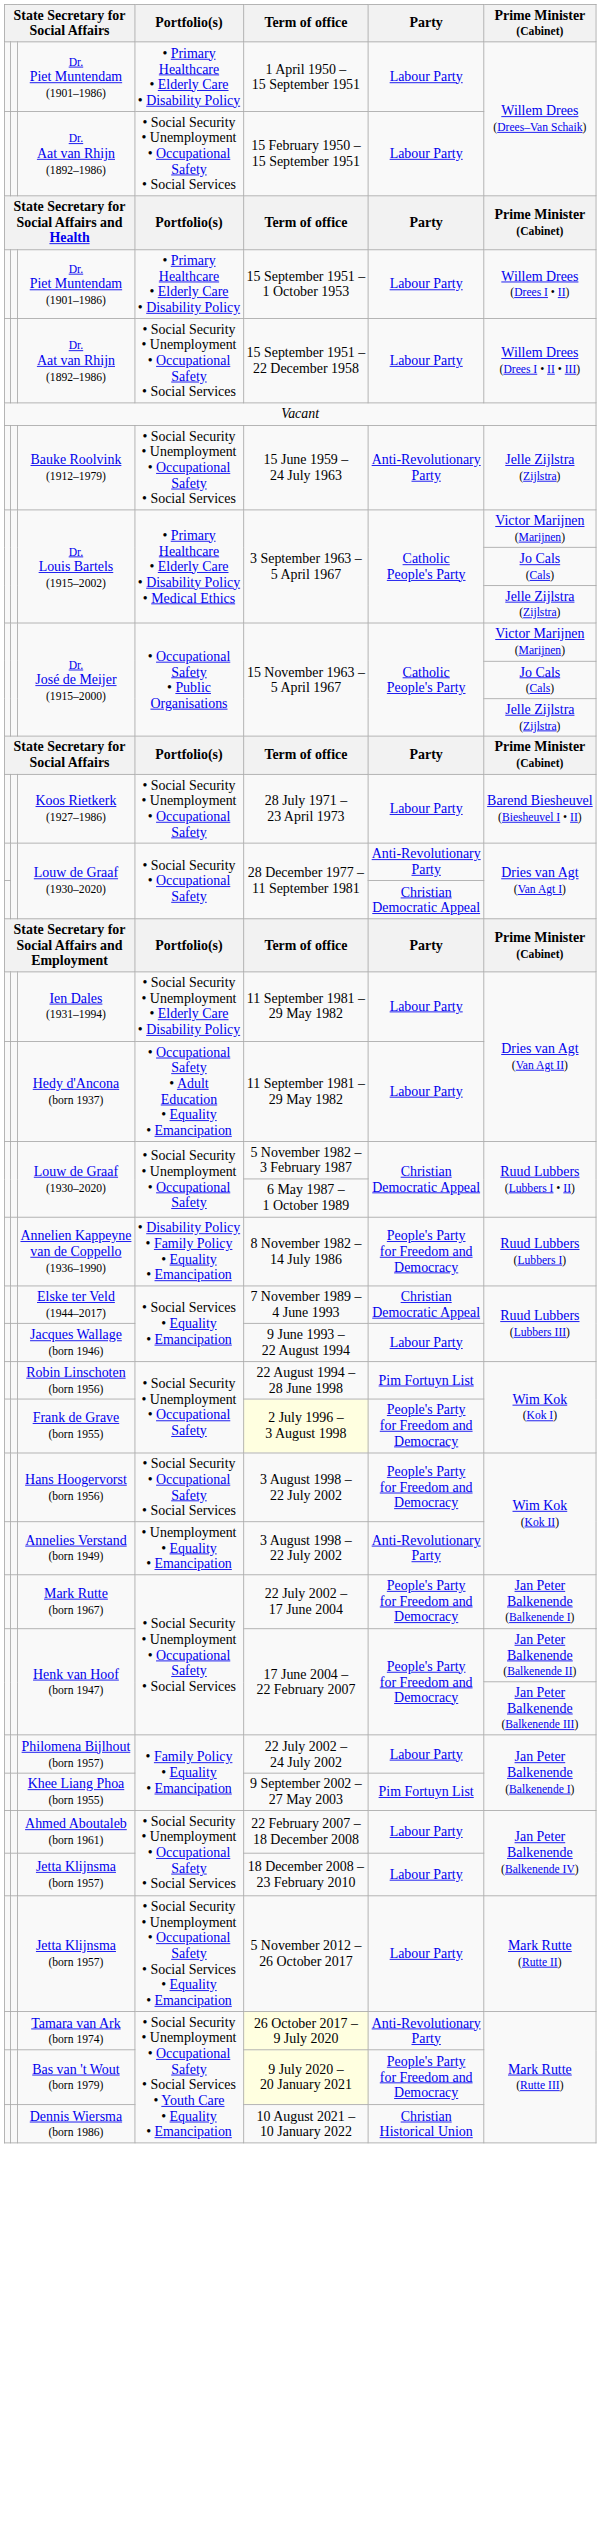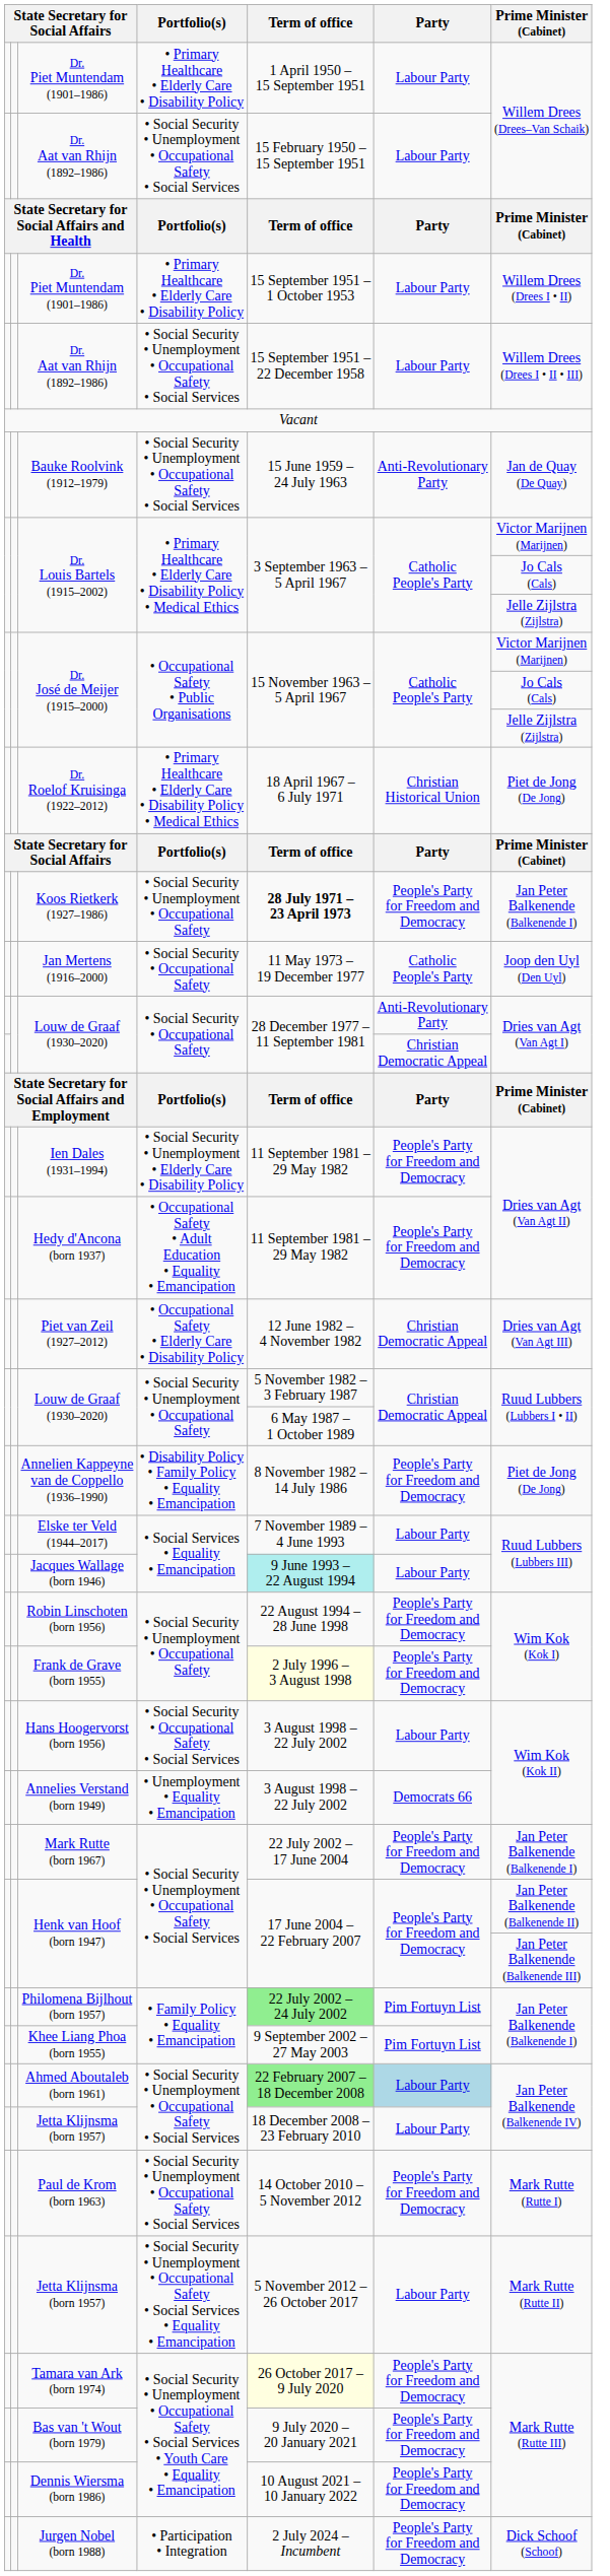 <table class="wikitable" style="text-align:center">
 <tr>
 <th colspan=3>State Secretary for <br> Social Affairs</th>
 <th>Portfolio(s)</th>
 <th>Term of office</th>
 <th>Party</th>
 <th>Prime Minister <br> <small>(Cabinet)</small></th>
 </tr>
 <tr>
 <td style="background:"></td>
 <td></td>
 <td><small><a href='#'>Dr.</a></small> <br> <a href='#'>Piet Muntendam</a> <br> <small>(1901–1986)</small></td>
 <td>• <a href='#'>Primary <br> Healthcare</a> <br> • <a href='#'>Elderly Care</a> <br> • <a href='#'>Disability Policy</a></td>
 <td>1 April 1950 – <br> 15 September 1951</td>
 <td><a href='#'>Labour Party</a></td>
 <td rowspan=2><a href='#'>Willem Drees</a> <br> <small>(<a href='#'>Drees–Van Schaik</a>)</small> <br></td>
 </tr>
 <tr>
 <td style="background:"></td>
 <td></td>
 <td><small><a href='#'>Dr.</a></small> <br> <a href='#'>Aat van Rhijn</a> <br> <small>(1892–1986)</small></td>
 <td>• Social Security <br> • Unemployment <br> • <a href='#'>Occupational <br> Safety</a> <br> • Social Services</td>
 <td>15 February 1950 – <br> 15 September 1951</td>
 <td><a href='#'>Labour Party</a></td>
 </tr>
 <tr>
 <th colspan=3>State Secretary for <br> Social Affairs and <br> <a href='#'>Health</a></th>
 <th>Portfolio(s)</th>
 <th>Term of office</th>
 <th>Party</th>
 <th>Prime Minister <br> <small>(Cabinet)</small></th>
 </tr>
 <tr>
 <td style="background:"></td>
 <td></td>
 <td><small><a href='#'>Dr.</a></small> <br> <a href='#'>Piet Muntendam</a> <br> <small>(1901–1986)</small></td>
 <td>• <a href='#'>Primary <br> Healthcare</a> <br> • <a href='#'>Elderly Care</a> <br> • <a href='#'>Disability Policy</a></td>
 <td>15 September 1951 – <br> 1 October 1953 <br> </td>
 <td><a href='#'>Labour Party</a></td>
 <td><a href='#'>Willem Drees</a> <br> <small>(<a href='#'>Drees I</a> • <a href='#'>II</a>) <br></small></td>
 </tr>
 <tr>
 <td style="background:"></td>
 <td></td>
 <td><small><a href='#'>Dr.</a></small> <br> <a href='#'>Aat van Rhijn</a> <br> <small>(1892–1986)</small></td>
 <td>• Social Security <br> • Unemployment <br> • <a href='#'>Occupational <br> Safety</a> <br> • Social Services</td>
 <td>15 September 1951 – <br> 22 December 1958</td>
 <td><a href='#'>Labour Party</a></td>
 <td><a href='#'>Willem Drees</a> <br> <small>(<a href='#'>Drees I</a> • <a href='#'>II</a> • <a href='#'>III</a>)</small> <br></td>
 </tr>
 <tr>
 <td colspan=7><em>Vacant</em></td>
 </tr>
 <tr>
 <td style="background:"></td>
 <td></td>
 <td><a href='#'>Bauke Roolvink</a> <br> <small>(1912–1979)</small></td>
 <td>• Social Security <br> • Unemployment <br> • <a href='#'>Occupational <br> Safety</a> <br> • Social Services</td>
 <td>15 June 1959 – <br> 24 July 1963</td>
 <td><a href='#'>Anti-Revolutionary <br> Party</a></td>
-<td><a href='#'>Jelle Zijlstra</a> <br> <small>(<a href='#'>Zijlstra</a>)</small> <br></td>
+<td><a href='#'>Jan de Quay</a> <br> <small>(<a href='#'>De Quay</a>)</small> <br></td>
 </tr>
 <tr>
 <td rowspan=3 style="background:"></td>
 <td rowspan=3></td>
 <td rowspan=3><small><a href='#'>Dr.</a></small> <br> <a href='#'>Louis Bartels</a> <br> <small>(1915–2002)</small></td>
 <td rowspan=3>• <a href='#'>Primary <br> Healthcare</a> <br> • <a href='#'>Elderly Care</a> <br> • <a href='#'>Disability Policy</a> <br> • <a href='#'>Medical Ethics</a></td>
 <td rowspan=3>3 September 1963 – <br> 5 April 1967</td>
 <td rowspan=3><a href='#'>Catholic <br> People's Party</a></td>
 <td><a href='#'>Victor Marijnen</a> <br> <small>(<a href='#'>Marijnen</a>)</small> <br></td>
 </tr>
 <tr>
 <td><a href='#'>Jo Cals</a> <br> <small>(<a href='#'>Cals</a>)</small> <br></td>
 </tr>
 <tr>
 <td><a href='#'>Jelle Zijlstra</a> <br> <small>(<a href='#'>Zijlstra</a>)</small> <br></td>
 </tr>
 <tr>
 <td rowspan=3 style="background:"></td>
 <td rowspan=3></td>
 <td rowspan=3><small><a href='#'>Dr.</a></small> <br> <a href='#'>José de Meijer</a> <br> <small>(1915–2000)</small></td>
 <td rowspan=3>• <a href='#'>Occupational <br> Safety</a> <br> • <a href='#'>Public <br> Organisations</a></td>
 <td rowspan=3>15 November 1963 – <br> 5 April 1967</td>
 <td rowspan=3><a href='#'>Catholic <br> People's Party</a></td>
 <td><a href='#'>Victor Marijnen</a> <br> <small>(<a href='#'>Marijnen</a>)</small> <br></td>
 </tr>
 <tr>
 <td><a href='#'>Jo Cals</a> <br> <small>(<a href='#'>Cals</a>)</small> <br></td>
 </tr>
 <tr>
 <td><a href='#'>Jelle Zijlstra</a> <br> <small>(<a href='#'>Zijlstra</a>)</small> <br></td>
 </tr>
 <tr>
+<td style="background:"></td>
+<td></td>
+<td><small><a href='#'>Dr.</a></small> <br> <a href='#'>Roelof Kruisinga</a> <br> <small>(1922–2012)</small></td>
+<td>• <a href='#'>Primary <br> Healthcare</a> <br> • <a href='#'>Elderly Care</a> <br> • <a href='#'>Disability Policy</a> <br> • <a href='#'>Medical Ethics</a></td>
+<td>18 April 1967 – <br> 6 July 1971</td>
+<td><a href='#'>Christian <br> Historical Union</a></td>
+<td><a href='#'>Piet de Jong</a> <br> <small>(<a href='#'>De Jong</a>)</small> <br></td>
+</tr>
+<tr>
 <th colspan=3>State Secretary for <br> Social Affairs</th>
 <th>Portfolio(s)</th>
 <th>Term of office</th>
 <th>Party</th>
 <th>Prime Minister <br> <small>(Cabinet)</small></th>
 </tr>
 <tr>
 <td style="background:"></td>
 <td></td>
 <td><a href='#'>Koos Rietkerk</a> <br> <small>(1927–1986)</small></td>
 <td>• Social Security <br> • Unemployment <br> • <a href='#'>Occupational <br> Safety</a></td>
-<td>28 July 1971 – <br> 23 April 1973 <br> </td>
-<td><a href='#'>Labour Party</a></td>
-<td><a href='#'>Barend Biesheuvel</a> <br> <small>(<a href='#'>Biesheuvel I</a> • <a href='#'>II</a>)</small> <br></td>
+<td><strong>28 July 1971 – <br> 23 April 1973 <br> </strong></td>
+<td><a href='#'>People's Party <br> for Freedom and <br> Democracy</a></td>
+<td><a href='#'>Jan Peter <br> Balkenende</a> <br> <small>(<a href='#'>Balkenende I</a>)</small> <br></td>
+</tr>
+<tr>
+<td style="background:"></td>
+<td></td>
+<td><a href='#'>Jan Mertens</a> <br> <small>(1916–2000)</small></td>
+<td>• Social Security <br> • <a href='#'>Occupational <br> Safety</a></td>
+<td>11 May 1973 – <br> 19 December 1977</td>
+<td><a href='#'>Catholic <br> People's Party</a></td>
+<td><a href='#'>Joop den Uyl</a> <br> <small>(<a href='#'>Den Uyl</a>)</small> <br></td>
 </tr>
 <tr>
 <td style="background:"></td>
 <td rowspan=2></td>
 <td rowspan=2><a href='#'>Louw de Graaf</a> <br> <small>(1930–2020)</small></td>
 <td rowspan=2>• Social Security <br> • <a href='#'>Occupational <br> Safety</a></td>
 <td rowspan=2>28 December 1977 – <br> 11 September 1981</td>
 <td><a href='#'>Anti-Revolutionary <br> Party</a></td>
 <td rowspan=2><a href='#'>Dries van Agt</a> <br> <small>(<a href='#'>Van Agt I</a>)</small> <br></td>
 </tr>
 <tr>
 <td style="background:"></td>
 <td><a href='#'>Christian <br> Democratic Appeal</a></td>
 </tr>
 <tr>
 <th colspan=3>State Secretary for <br> Social Affairs and <br> Employment</th>
 <th>Portfolio(s)</th>
 <th>Term of office</th>
 <th>Party</th>
 <th>Prime Minister <br> <small>(Cabinet)</small></th>
 </tr>
 <tr>
 <td style="background:"></td>
 <td></td>
 <td><a href='#'>Ien Dales</a> <br> <small>(1931–1994)</small></td>
 <td>• Social Security <br> • Unemployment <br> • <a href='#'>Elderly Care</a> <br> • <a href='#'>Disability Policy</a></td>
 <td>11 September 1981 – <br> 29 May 1982 <br> </td>
-<td><a href='#'>Labour Party</a></td>
+<td><a href='#'>People's Party <br> for Freedom and <br> Democracy</a></td>
 <td rowspan=2><a href='#'>Dries van Agt</a> <br> <small>(<a href='#'>Van Agt II</a>)</small> <br></td>
 </tr>
 <tr>
 <td style="background:"></td>
 <td></td>
 <td><a href='#'>Hedy d'Ancona</a> <br> <small>(born 1937)</small></td>
 <td>• <a href='#'>Occupational <br> Safety</a> <br> • <a href='#'>Adult <br> Education</a> <br> • <a href='#'>Equality</a> <br> • <a href='#'>Emancipation</a></td>
 <td>11 September 1981 – <br> 29 May 1982 <br> </td>
-<td><a href='#'>Labour Party</a></td>
+<td><a href='#'>People's Party <br> for Freedom and <br> Democracy</a></td>
+</tr>
+<tr>
+<td style="background:"></td>
+<td></td>
+<td><a href='#'>Piet van Zeil</a> <br> <small>(1927–2012)</small></td>
+<td>• <a href='#'>Occupational <br> Safety</a> <br> • <a href='#'>Elderly Care</a> <br> • <a href='#'>Disability Policy</a></td>
+<td>12 June 1982 – <br> 4 November 1982 <br> </td>
+<td><a href='#'>Christian <br> Democratic Appeal</a></td>
+<td><a href='#'>Dries van Agt</a> <br> <small>(<a href='#'>Van Agt III</a>)</small> <br></td>
 </tr>
 <tr>
 <td rowspan=2 style="background:"></td>
 <td rowspan=2></td>
 <td rowspan=2><a href='#'>Louw de Graaf</a> <br> <small>(1930–2020)</small></td>
 <td rowspan=2>• Social Security <br> • Unemployment <br> • <a href='#'>Occupational <br> Safety</a></td>
 <td>5 November 1982 – <br> 3 February 1987 <br> </td>
 <td rowspan=2><a href='#'>Christian <br> Democratic Appeal</a></td>
 <td rowspan=2><a href='#'>Ruud Lubbers</a> <br> <small>(<a href='#'>Lubbers I</a> • <a href='#'>II</a>)</small> <br></td>
 </tr>
 <tr>
 <td>6 May 1987 – <br> 1 October 1989 <br> </td>
 </tr>
 <tr>
 <td style="background:"></td>
 <td></td>
 <td><a href='#'>Annelien Kappeyne <br> van de Coppello</a> <br> <small>(1936–1990)</small></td>
 <td>• <a href='#'>Disability Policy</a> <br> • <a href='#'>Family Policy</a> <br> • <a href='#'>Equality</a> <br> • <a href='#'>Emancipation</a></td>
 <td>8 November 1982 – <br> 14 July 1986</td>
 <td><a href='#'>People's Party <br> for Freedom and <br> Democracy</a></td>
-<td><a href='#'>Ruud Lubbers</a> <br> <small>(<a href='#'>Lubbers I</a>)</small> <br></td>
+<td><a href='#'>Piet de Jong</a> <br> <small>(<a href='#'>De Jong</a>)</small> <br></td>
 </tr>
 <tr>
 <td style="background:"></td>
 <td></td>
 <td><a href='#'>Elske ter Veld</a> <br> <small>(1944–2017)</small></td>
 <td rowspan=2>• Social Services <br> • <a href='#'>Equality</a> <br> • <a href='#'>Emancipation</a></td>
 <td>7 November 1989 – <br> 4 June 1993 <br> </td>
-<td><a href='#'>Christian <br> Democratic Appeal</a></td>
+<td><a href='#'>Labour Party</a></td>
 <td rowspan=2><a href='#'>Ruud Lubbers</a> <br> <small>(<a href='#'>Lubbers III</a>)</small> <br></td>
 </tr>
 <tr>
 <td style="background:"></td>
 <td></td>
 <td><a href='#'>Jacques Wallage</a> <br> <small>(born 1946)</small></td>
-<td>9 June 1993 – <br> 22 August 1994</td>
+<td style="background: paleturquoise;">9 June 1993 – <br> 22 August 1994</td>
 <td><a href='#'>Labour Party</a></td>
 </tr>
 <tr>
 <td style="background:"></td>
 <td></td>
 <td><a href='#'>Robin Linschoten</a> <br> <small>(born 1956)</small></td>
 <td rowspan=2>• Social Security <br> • Unemployment <br> • <a href='#'>Occupational <br> Safety</a></td>
 <td>22 August 1994 – <br> 28 June 1998 <br> </td>
-<td><a href='#'>Pim Fortuyn List</a></td>
+<td><a href='#'>People's Party <br> for Freedom and <br> Democracy</a></td>
 <td rowspan=2><a href='#'>Wim Kok</a> <br> <small>(<a href='#'>Kok I</a>)</small> <br></td>
 </tr>
 <tr>
 <td style="background:"></td>
 <td></td>
 <td><a href='#'>Frank de Grave</a> <br> <small>(born 1955)</small></td>
 <td style="background: lightyellow;">2 July 1996 – <br> 3 August 1998</td>
 <td><a href='#'>People's Party <br> for Freedom and <br> Democracy</a></td>
 </tr>
 <tr>
 <td style="background:"></td>
 <td></td>
 <td><a href='#'>Hans Hoogervorst</a> <br> <small>(born 1956)</small></td>
 <td>• Social Security <br> • <a href='#'>Occupational <br> Safety</a> <br> • Social Services</td>
 <td>3 August 1998 – <br> 22 July 2002</td>
-<td><a href='#'>People's Party <br> for Freedom and <br> Democracy</a></td>
+<td><a href='#'>Labour Party</a></td>
 <td rowspan=2><a href='#'>Wim Kok</a> <br> <small>(<a href='#'>Kok II</a>)</small> <br></td>
 </tr>
 <tr>
 <td style="background:"></td>
 <td></td>
 <td><a href='#'>Annelies Verstand</a> <br> <small>(born 1949)</small></td>
 <td>• Unemployment <br> • <a href='#'>Equality</a> <br> • <a href='#'>Emancipation</a></td>
 <td>3 August 1998 – <br> 22 July 2002</td>
-<td><a href='#'>Anti-Revolutionary <br> Party</a></td>
+<td><a href='#'>Democrats 66</a></td>
 </tr>
 <tr>
 <td rowspan=2 style="background:"></td>
 <td rowspan=2></td>
 <td rowspan=2><a href='#'>Mark Rutte</a> <br> <small>(born 1967)</small></td>
 <td rowspan=4>• Social Security <br> • Unemployment <br> • <a href='#'>Occupational <br> Safety</a> <br> • Social Services</td>
 <td rowspan=2>22 July 2002 – <br> 17 June 2004 <br> </td>
 <td rowspan=2><a href='#'>People's Party <br> for Freedom and <br> Democracy</a></td>
 <td><a href='#'>Jan Peter <br> Balkenende</a> <br> <small>(<a href='#'>Balkenende I</a>)</small> <br></td>
 </tr>
 <tr>
 <td rowspan=2><a href='#'>Jan Peter <br> Balkenende</a> <br> <small>(<a href='#'>Balkenende II</a>)</small> <br></td>
 </tr>
 <tr>
 <td rowspan=2 style="background:"></td>
 <td rowspan=2></td>
 <td rowspan=2><a href='#'>Henk van Hoof</a> <br> <small>(born 1947)</small></td>
 <td rowspan=2>17 June 2004 – <br> 22 February 2007</td>
 <td rowspan=2><a href='#'>People's Party <br> for Freedom and <br> Democracy</a></td>
 </tr>
 <tr>
 <td><a href='#'>Jan Peter <br> Balkenende</a> <br> <small>(<a href='#'>Balkenende III</a>)</small> <br></td>
 </tr>
 <tr>
 <td style="background:"></td>
 <td></td>
 <td><a href='#'>Philomena Bijlhout</a> <br> <small>(born 1957)</small></td>
 <td rowspan=2>• <a href='#'>Family Policy</a> <br> • <a href='#'>Equality</a> <br> • <a href='#'>Emancipation</a></td>
-<td>22 July 2002 – <br> 24 July 2002 <br> </td>
-<td><a href='#'>Labour Party</a></td>
+<td style="background: lightgreen;">22 July 2002 – <br> 24 July 2002 <br> </td>
+<td><a href='#'>Pim Fortuyn List</a></td>
 <td rowspan=2><a href='#'>Jan Peter <br> Balkenende</a> <br> <small>(<a href='#'>Balkenende I</a>)</small> <br></td>
 </tr>
 <tr>
 <td style="background:"></td>
 <td></td>
 <td><a href='#'>Khee Liang Phoa</a> <br> <small>(born 1955)</small></td>
 <td>9 September 2002 – <br> 27 May 2003</td>
 <td><a href='#'>Pim Fortuyn List</a></td>
 </tr>
 <tr>
 <td style="background:"></td>
 <td></td>
 <td><a href='#'>Ahmed Aboutaleb</a> <br> <small>(born 1961)</small></td>
 <td rowspan=2>• Social Security <br> • Unemployment <br> • <a href='#'>Occupational <br> Safety</a> <br> • Social Services</td>
-<td>22 February 2007 – <br> 18 December 2008 <br> </td>
-<td><a href='#'>Labour Party</a></td>
+<td style="background: lightgreen;">22 February 2007 – <br> 18 December 2008 <br> </td>
+<td style="background: lightblue;"><a href='#'>Labour Party</a></td>
 <td rowspan=2><a href='#'>Jan Peter <br> Balkenende</a> <br> <small>(<a href='#'>Balkenende IV</a>)</small> <br></td>
 </tr>
 <tr>
 <td style="background:"></td>
 <td></td>
 <td><a href='#'>Jetta Klijnsma</a> <br> <small>(born 1957)</small></td>
 <td>18 December 2008 – <br> 23 February 2010 <br> </td>
 <td><a href='#'>Labour Party</a></td>
+</tr>
+<tr>
+<td style="background:"></td>
+<td></td>
+<td><a href='#'>Paul de Krom</a> <br> <small>(born 1963)</small></td>
+<td>• Social Security <br> • Unemployment <br> • <a href='#'>Occupational <br> Safety</a> <br> • Social Services</td>
+<td>14 October 2010 – <br> 5 November 2012</td>
+<td><a href='#'>People's Party <br> for Freedom and <br> Democracy</a></td>
+<td><a href='#'>Mark Rutte</a> <br> <small>(<a href='#'>Rutte I</a>)</small> <br></td>
 </tr>
 <tr>
 <td style="background:"></td>
 <td></td>
 <td><a href='#'>Jetta Klijnsma</a> <br> <small>(born 1957)</small></td>
 <td>• Social Security <br> • Unemployment <br> • <a href='#'>Occupational <br> Safety</a> <br> • Social Services <br> • <a href='#'>Equality</a> <br> • <a href='#'>Emancipation</a></td>
 <td>5 November 2012 – <br> 26 October 2017</td>
 <td><a href='#'>Labour Party</a></td>
 <td><a href='#'>Mark Rutte</a> <br> <small>(<a href='#'>Rutte II</a>)</small> <br></td>
 </tr>
 <tr>
 <td style="background:"></td>
 <td></td>
 <td><a href='#'>Tamara van Ark</a> <br> <small>(born 1974)</small></td>
 <td rowspan=3>• Social Security <br> • Unemployment <br> • <a href='#'>Occupational <br> Safety</a> <br> • Social Services <br> • <a href='#'>Youth Care</a> <br> • <a href='#'>Equality</a> <br> • <a href='#'>Emancipation</a></td>
 <td style="background: lightyellow;">26 October 2017 – <br> 9 July 2020 <br> </td>
-<td><a href='#'>Anti-Revolutionary <br> Party</a></td>
+<td><a href='#'>People's Party <br> for Freedom and <br> Democracy</a></td>
 <td rowspan=3><a href='#'>Mark Rutte</a> <br> <small>(<a href='#'>Rutte III</a>)</small> <br></td>
 </tr>
 <tr>
 <td style="background:"></td>
 <td></td>
 <td><a href='#'>Bas van 't Wout</a> <br> <small>(born 1979)</small></td>
-<td style="background: lightyellow;">9 July 2020 – <br> 20 January 2021 <br> </td>
+<td>9 July 2020 – <br> 20 January 2021 <br> </td>
 <td><a href='#'>People's Party <br> for Freedom and <br> Democracy</a></td>
 </tr>
 <tr>
 <td style="background:"></td>
 <td></td>
 <td><a href='#'>Dennis Wiersma</a> <br> <small>(born 1986)</small></td>
 <td>10 August 2021 – <br> 10 January 2022</td>
-<td><a href='#'>Christian <br> Historical Union</a></td>
+<td><a href='#'>People's Party <br> for Freedom and <br> Democracy</a></td>
+</tr>
+<tr>
+<td style="background:"></td>
+<td></td>
+<td><a href='#'>Jurgen Nobel</a> <br> <small>(born 1988)</small></td>
+<td>• Participation <br> • Integration</td>
+<td>2 July 2024 – <br> <em>Incumbent</em></td>
+<td><a href='#'>People's Party <br> for Freedom and <br> Democracy</a></td>
+<td><a href='#'>Dick Schoof</a> <br> <small>(<a href='#'>Schoof</a>)</small> <br></td>
 </tr>
 </table>
